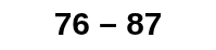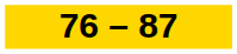 <table style="text-align:center">
 <tr>
 <th width=200></th>
 <th width=100></th>
 <th width=200></th>
 </tr>
 <tr>
 <td align=right></td>
-<td><strong>76 – 87</strong></td>
+<td style="background: gold;"><strong>76 – 87</strong></td>
 <td align=left><strong></strong></td>
 </tr>
 </table>
